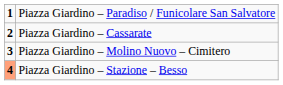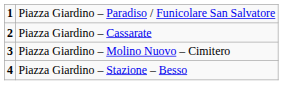 <table class="wikitable">
 <tr>
 <td><strong>1</strong></td>
 <td>Piazza Giardino – <a href='#'>Paradiso</a> / <a href='#'>Funicolare San Salvatore</a></td>
 </tr>
 <tr>
 <td><strong>2</strong></td>
 <td>Piazza Giardino – <a href='#'>Cassarate</a></td>
 </tr>
 <tr>
 <td><strong>3</strong></td>
 <td>Piazza Giardino – <a href='#'>Molino Nuovo</a> – Cimitero</td>
 </tr>
 <tr>
-<td style="background: lightsalmon;"><strong>4</strong></td>
+<td><strong>4</strong></td>
 <td>Piazza Giardino – <a href='#'>Stazione</a> – <a href='#'>Besso</a></td>
 </tr>
 </table>
